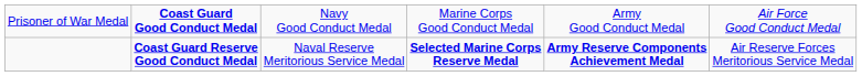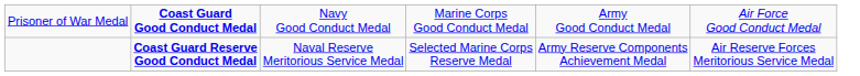 <table class = "wikitable">
 <tr align="center">
 <td><a href='#'>Prisoner of War Medal</a></td>
 <td><strong><a href='#'>Coast Guard<br>Good Conduct Medal</a></strong></td>
 <td><a href='#'>Navy<br>Good Conduct Medal</a></td>
 <td><a href='#'>Marine Corps<br>Good Conduct Medal</a></td>
 <td><a href='#'>Army<br>Good Conduct Medal</a></td>
 <td><em><a href='#'>Air Force<br> Good Conduct Medal</a></em></td>
 </tr>
 <tr align="center">
 <td></td>
 <td><strong><a href='#'>Coast Guard Reserve<br>Good Conduct Medal</a></strong></td>
 <td><a href='#'>Naval Reserve<br>Meritorious Service Medal</a></td>
-<td><strong><a href='#'>Selected Marine Corps<br> Reserve Medal</a></strong></td>
-<td><strong><a href='#'>Army Reserve Components<br> Achievement Medal</a></strong></td>
+<td><a href='#'>Selected Marine Corps<br> Reserve Medal</a></td>
+<td><a href='#'>Army Reserve Components<br> Achievement Medal</a></td>
 <td><a href='#'>Air Reserve Forces<br> Meritorious Service Medal</a></td>
 </tr>
 </table>
